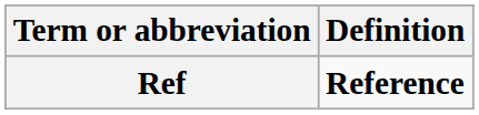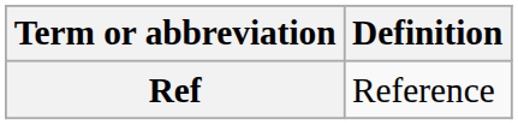 <table class="wikitable">
 <tr>
 <th scope="col">Term or abbreviation</th>
 <th scope="col">Definition</th>
 </tr>
 <tr>
 <th scope="row">Ref</th>
-<td><strong>Reference</strong></td>
+<td>Reference</td>
 </tr>
 </table>
